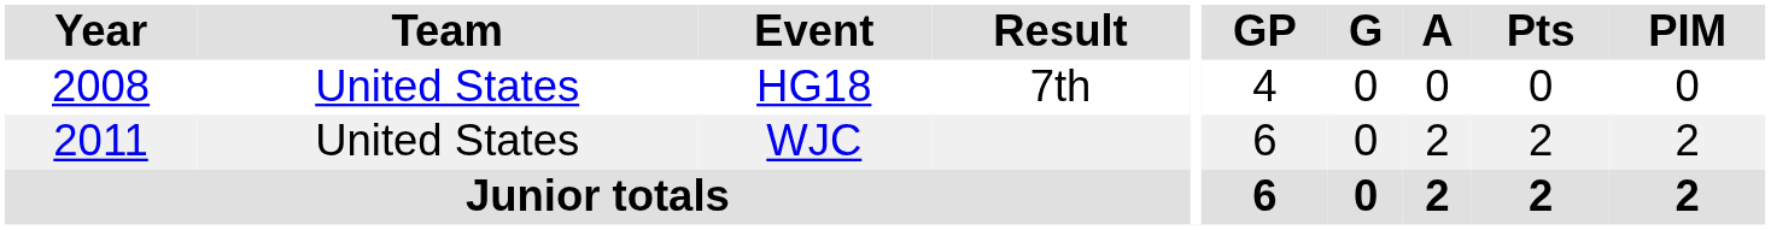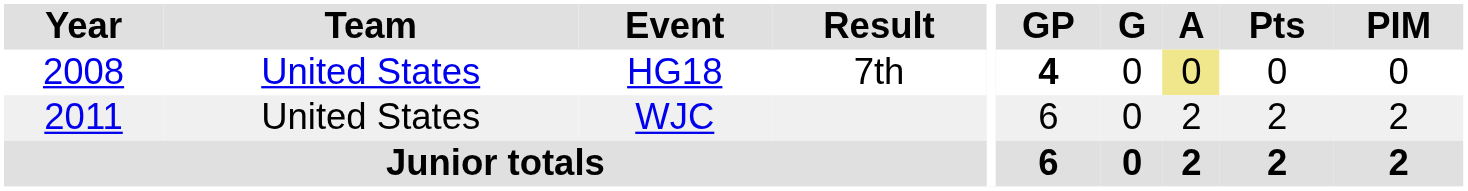 <table border="0" cellpadding="1" cellspacing="0" ID="Table3" style="text-align:center; width:40em">
 <tr ALIGN="center" bgcolor="#e0e0e0">
 <th>Year</th>
 <th>Team</th>
 <th>Event</th>
 <th>Result</th>
 <th rowspan="99" bgcolor="#ffffff"></th>
 <th>GP</th>
 <th>G</th>
 <th>A</th>
 <th>Pts</th>
 <th>PIM</th>
 </tr>
 <tr>
 <td><a href='#'>2008</a></td>
 <td><a href='#'>United States</a></td>
 <td><a href='#'>HG18</a></td>
 <td>7th</td>
-<td>4</td>
+<td><strong>4</strong></td>
 <td>0</td>
-<td>0</td>
+<td style="background: khaki;">0</td>
 <td>0</td>
 <td>0</td>
 </tr>
 <tr bgcolor="#f0f0f0">
 <td><a href='#'>2011</a></td>
 <td>United States</td>
 <td><a href='#'>WJC</a></td>
 <td></td>
 <td>6</td>
 <td>0</td>
 <td>2</td>
 <td>2</td>
 <td>2</td>
 </tr>
 <tr bgcolor="#e0e0e0">
 <th colspan=4>Junior totals</th>
 <th>6</th>
 <th>0</th>
 <th>2</th>
 <th>2</th>
 <th>2</th>
 </tr>
 </table>
